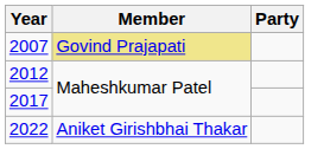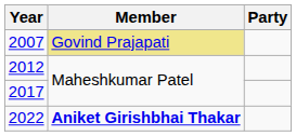 <table class="wikitable sortable">
 <tr>
 <th>Year</th>
 <th>Member</th>
 <th colspan="2">Party</th>
 </tr>
 <tr>
 <td><a href='#'>2007</a></td>
 <td style="background: khaki;"><a href='#'>Govind Prajapati</a></td>
 <td></td>
 </tr>
 <tr>
 <td><a href='#'>2012</a></td>
 <td rowspan =2>Maheshkumar Patel</td>
 <td></td>
 </tr>
 <tr>
 <td><a href='#'>2017</a></td>
 </tr>
 <tr>
 <td><a href='#'>2022</a></td>
-<td><a href='#'>Aniket Girishbhai Thakar</a></td>
+<td><strong><a href='#'>Aniket Girishbhai Thakar</a></strong></td>
 <td></td>
 </tr>
 </table>
